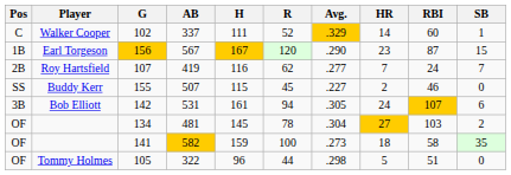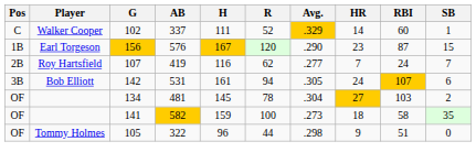 <table class="wikitable sortable">
 <tr>
 <th bgcolor="#DDDDFF" width="5%">Pos</th>
 <th bgcolor="#DDDDFF" width="16%">Player</th>
 <th bgcolor="#DDDDFF" width="9%">G</th>
 <th bgcolor="#DDDDFF" width="9%">AB</th>
 <th bgcolor="#DDDDFF" width="9%">H</th>
 <th bgcolor="#DDDDFF" width="9%">R</th>
 <th bgcolor="#DDDDFF" width="9%">Avg.</th>
 <th bgcolor="#DDDDFF" width="9%">HR</th>
 <th bgcolor="#DDDDFF" width="9%">RBI</th>
 <th bgcolor="#DDDDFF" width="9%">SB</th>
 </tr>
 <tr align="center">
 <td>C</td>
 <td><a href='#'>Walker Cooper</a></td>
 <td>102</td>
 <td>337</td>
 <td>111</td>
 <td>52</td>
 <td style="background:#fc0;">.329</td>
 <td>14</td>
 <td>60</td>
 <td>1</td>
 </tr>
 <tr align="center">
 <td>1B</td>
 <td><a href='#'>Earl Torgeson</a></td>
 <td style="background:#fc0;">156</td>
-<td>567</td>
+<td>576</td>
 <td style="background:#fc0;">167</td>
 <td style="background:#DDFFDD;">120</td>
 <td>.290</td>
 <td>23</td>
 <td>87</td>
 <td>15</td>
 </tr>
 <tr align="center">
 <td>2B</td>
 <td><a href='#'>Roy Hartsfield</a></td>
 <td>107</td>
 <td>419</td>
 <td>116</td>
 <td>62</td>
 <td>.277</td>
 <td>7</td>
 <td>24</td>
 <td>7</td>
-</tr>
-<tr align="center">
-<td>SS</td>
-<td><a href='#'>Buddy Kerr</a></td>
-<td>155</td>
-<td>507</td>
-<td>115</td>
-<td>45</td>
-<td>.227</td>
-<td>2</td>
-<td>46</td>
-<td>0</td>
 </tr>
 <tr align="center">
 <td>3B</td>
 <td><a href='#'>Bob Elliott</a></td>
 <td>142</td>
 <td>531</td>
 <td>161</td>
 <td>94</td>
 <td>.305</td>
 <td>24</td>
 <td style="background:#fc0;">107</td>
 <td>6</td>
 </tr>
 <tr align="center">
 <td>OF</td>
 <td></td>
 <td>134</td>
 <td>481</td>
 <td>145</td>
 <td>78</td>
 <td>.304</td>
 <td style="background:#fc0;">27</td>
 <td>103</td>
 <td>2</td>
 </tr>
 <tr align="center">
 <td>OF</td>
 <td></td>
 <td>141</td>
 <td style="background:#fc0;">582</td>
 <td>159</td>
 <td>100</td>
 <td>.273</td>
 <td>18</td>
 <td>58</td>
 <td style="background:#DDFFDD;">35</td>
 </tr>
 <tr align="center">
 <td>OF</td>
 <td><a href='#'>Tommy Holmes</a></td>
 <td>105</td>
 <td>322</td>
 <td>96</td>
 <td>44</td>
 <td>.298</td>
-<td>5</td>
+<td>9</td>
 <td>51</td>
 <td>0</td>
 </tr>
 </table>
